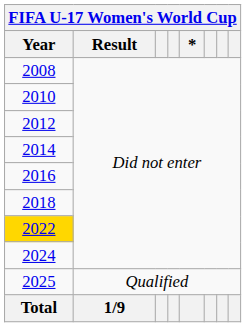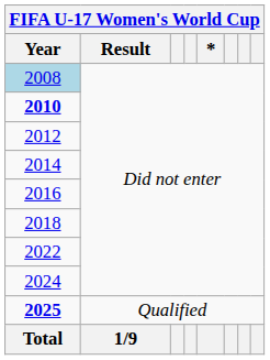 <table class="wikitable" style="text-align: center;">
 <tr>
 <th colspan=9><a href='#'>FIFA U-17 Women's World Cup</a></th>
 </tr>
 <tr>
 <th>Year</th>
 <th>Result</th>
 <th></th>
 <th></th>
 <th> *</th>
 <th></th>
 <th></th>
 <th></th>
 </tr>
 <tr>
-<td> <a href='#'>2008</a></td>
+<td style="background: lightblue;"> <a href='#'>2008</a></td>
 <td rowspan=8 colspan=8><em>Did not enter</em></td>
 </tr>
 <tr>
-<td> <a href='#'>2010</a></td>
+<td><strong> <a href='#'>2010</a></strong></td>
 </tr>
 <tr>
 <td> <a href='#'>2012</a></td>
 </tr>
 <tr>
 <td> <a href='#'>2014</a></td>
 </tr>
 <tr>
 <td> <a href='#'>2016</a></td>
 </tr>
 <tr>
 <td> <a href='#'>2018</a></td>
 </tr>
 <tr>
-<td style="background: gold;"> <a href='#'>2022</a></td>
+<td> <a href='#'>2022</a></td>
 </tr>
 <tr>
 <td> <a href='#'>2024</a></td>
 </tr>
 <tr>
-<td> <a href='#'>2025</a></td>
+<td><strong> <a href='#'>2025</a></strong></td>
 <td colspan=8><em>Qualified</em></td>
 </tr>
 <tr>
 <th>Total</th>
 <th>1/9</th>
 <th></th>
 <th></th>
 <th></th>
 <th></th>
 <th></th>
 <th></th>
 </tr>
 </table>
